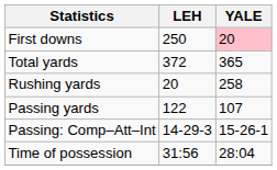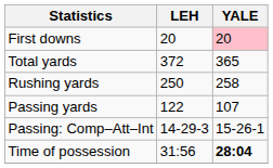 <table class="wikitable" style="float: left;">
 <tr>
 <th>Statistics</th>
 <th>LEH</th>
 <th>YALE</th>
 </tr>
 <tr>
 <td>First downs</td>
-<td>250</td>
+<td>20</td>
 <td style="background: pink;">20</td>
 </tr>
 <tr>
 <td>Total yards</td>
 <td>372</td>
 <td>365</td>
 </tr>
 <tr>
 <td>Rushing yards</td>
-<td>20</td>
+<td>250</td>
 <td>258</td>
 </tr>
 <tr>
 <td>Passing yards</td>
 <td>122</td>
 <td>107</td>
 </tr>
 <tr>
 <td>Passing: Comp–Att–Int</td>
 <td>14-29-3</td>
 <td>15-26-1</td>
 </tr>
 <tr>
 <td>Time of possession</td>
 <td>31:56</td>
-<td>28:04</td>
+<td><strong>28:04</strong></td>
 </tr>
 <tr>
 </tr>
 </table>
